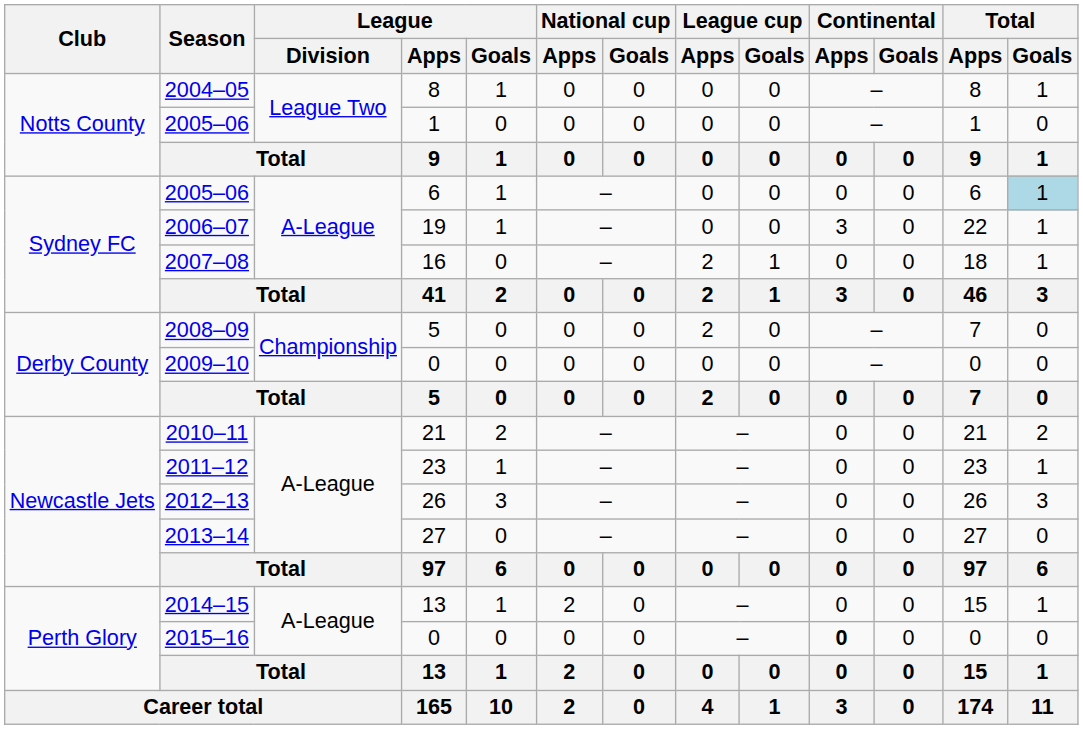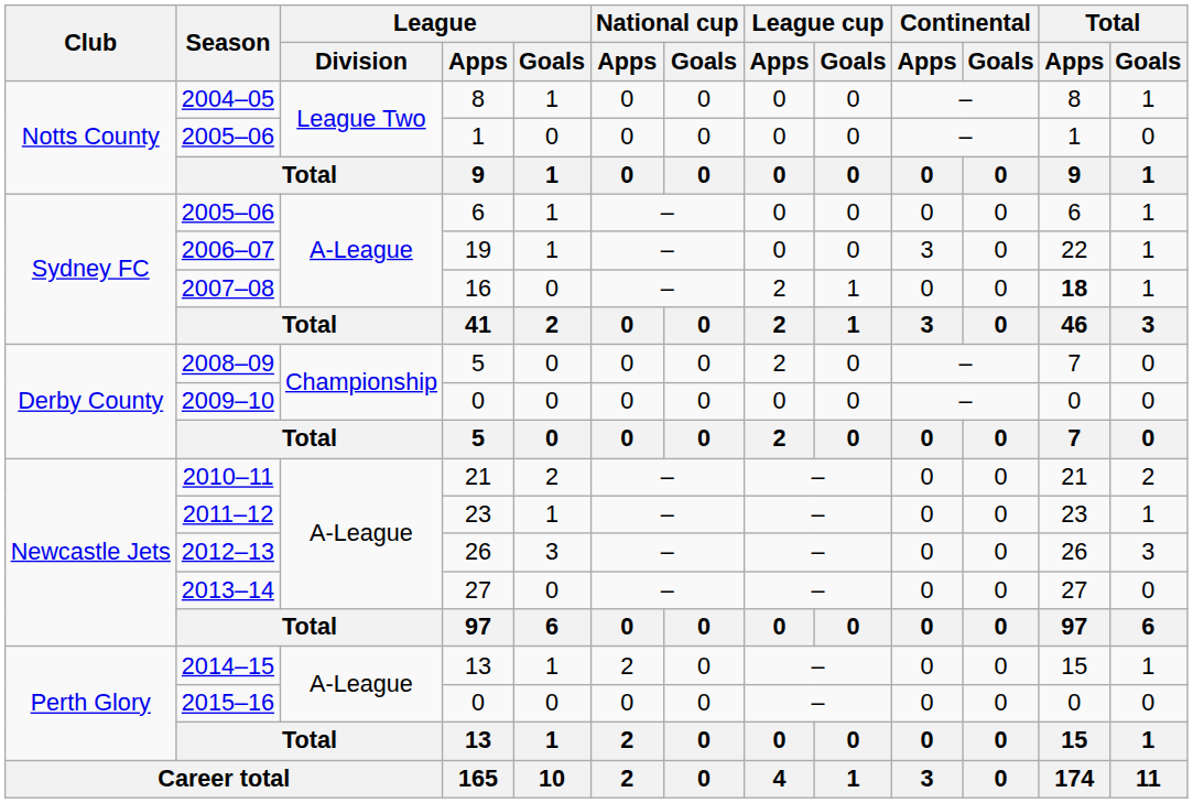 <table class="wikitable" style="text-align: center">
 <tr>
 <th rowspan="2">Club</th>
 <th rowspan="2">Season</th>
 <th colspan="3">League</th>
 <th colspan="2">National cup</th>
 <th colspan="2">League cup</th>
 <th colspan="2">Continental</th>
 <th colspan="2">Total</th>
 </tr>
 <tr>
 <th>Division</th>
 <th>Apps</th>
 <th>Goals</th>
 <th>Apps</th>
 <th>Goals</th>
 <th>Apps</th>
 <th>Goals</th>
 <th>Apps</th>
 <th>Goals</th>
 <th>Apps</th>
 <th>Goals</th>
 </tr>
 <tr>
 <td rowspan="3"><a href='#'>Notts County</a></td>
 <td><a href='#'>2004–05</a></td>
 <td rowspan="2"><a href='#'>League Two</a></td>
 <td>8</td>
 <td>1</td>
 <td>0</td>
 <td>0</td>
 <td>0</td>
 <td>0</td>
 <td colspan="2">–</td>
 <td>8</td>
 <td>1</td>
 </tr>
 <tr>
 <td><a href='#'>2005–06</a></td>
 <td>1</td>
 <td>0</td>
 <td>0</td>
 <td>0</td>
 <td>0</td>
 <td>0</td>
 <td colspan="2">–</td>
 <td>1</td>
 <td>0</td>
 </tr>
 <tr>
 <th colspan="2">Total</th>
 <th>9</th>
 <th>1</th>
 <th>0</th>
 <th>0</th>
 <th>0</th>
 <th>0</th>
 <th>0</th>
 <th>0</th>
 <th>9</th>
 <th>1</th>
 </tr>
 <tr>
 <td rowspan="4"><a href='#'>Sydney FC</a></td>
 <td><a href='#'>2005–06</a></td>
 <td rowspan="3"><a href='#'>A-League</a></td>
 <td>6</td>
 <td>1</td>
 <td colspan="2">–</td>
 <td>0</td>
 <td>0</td>
 <td>0</td>
 <td>0</td>
 <td>6</td>
-<td style="background: lightblue;">1</td>
+<td>1</td>
 </tr>
 <tr>
 <td><a href='#'>2006–07</a></td>
 <td>19</td>
 <td>1</td>
 <td colspan="2">–</td>
 <td>0</td>
 <td>0</td>
 <td>3</td>
 <td>0</td>
 <td>22</td>
 <td>1</td>
 </tr>
 <tr>
 <td><a href='#'>2007–08</a></td>
 <td>16</td>
 <td>0</td>
 <td colspan="2">–</td>
 <td>2</td>
 <td>1</td>
 <td>0</td>
 <td>0</td>
-<td>18</td>
+<td><strong>18</strong></td>
 <td>1</td>
 </tr>
 <tr>
 <th colspan="2">Total</th>
 <th>41</th>
 <th>2</th>
 <th>0</th>
 <th>0</th>
 <th>2</th>
 <th>1</th>
 <th>3</th>
 <th>0</th>
 <th>46</th>
 <th>3</th>
 </tr>
 <tr>
 <td rowspan="3"><a href='#'>Derby County</a></td>
 <td><a href='#'>2008–09</a></td>
 <td rowspan="2"><a href='#'>Championship</a></td>
 <td>5</td>
 <td>0</td>
 <td>0</td>
 <td>0</td>
 <td>2</td>
 <td>0</td>
 <td colspan="2">–</td>
 <td>7</td>
 <td>0</td>
 </tr>
 <tr>
 <td><a href='#'>2009–10</a></td>
 <td>0</td>
 <td>0</td>
 <td>0</td>
 <td>0</td>
 <td>0</td>
 <td>0</td>
 <td colspan="2">–</td>
 <td>0</td>
 <td>0</td>
 </tr>
 <tr>
 <th colspan="2">Total</th>
 <th>5</th>
 <th>0</th>
 <th>0</th>
 <th>0</th>
 <th>2</th>
 <th>0</th>
 <th>0</th>
 <th>0</th>
 <th>7</th>
 <th>0</th>
 </tr>
 <tr>
 <td rowspan="5"><a href='#'>Newcastle Jets</a></td>
 <td><a href='#'>2010–11</a></td>
 <td rowspan="4">A-League</td>
 <td>21</td>
 <td>2</td>
 <td colspan="2">–</td>
 <td colspan="2">–</td>
 <td>0</td>
 <td>0</td>
 <td>21</td>
 <td>2</td>
 </tr>
 <tr>
 <td><a href='#'>2011–12</a></td>
 <td>23</td>
 <td>1</td>
 <td colspan="2">–</td>
 <td colspan="2">–</td>
 <td>0</td>
 <td>0</td>
 <td>23</td>
 <td>1</td>
 </tr>
 <tr>
 <td><a href='#'>2012–13</a></td>
 <td>26</td>
 <td>3</td>
 <td colspan="2">–</td>
 <td colspan="2">–</td>
 <td>0</td>
 <td>0</td>
 <td>26</td>
 <td>3</td>
 </tr>
 <tr>
 <td><a href='#'>2013–14</a></td>
 <td>27</td>
 <td>0</td>
 <td colspan="2">–</td>
 <td colspan="2">–</td>
 <td>0</td>
 <td>0</td>
 <td>27</td>
 <td>0</td>
 </tr>
 <tr>
 <th colspan="2">Total</th>
 <th>97</th>
 <th>6</th>
 <th>0</th>
 <th>0</th>
 <th>0</th>
 <th>0</th>
 <th>0</th>
 <th>0</th>
 <th>97</th>
 <th>6</th>
 </tr>
 <tr>
 <td rowspan="3"><a href='#'>Perth Glory</a></td>
 <td><a href='#'>2014–15</a></td>
 <td rowspan="2">A-League</td>
 <td>13</td>
 <td>1</td>
 <td>2</td>
 <td>0</td>
 <td colspan="2">–</td>
 <td>0</td>
 <td>0</td>
 <td>15</td>
 <td>1</td>
 </tr>
 <tr>
 <td><a href='#'>2015–16</a></td>
 <td>0</td>
 <td>0</td>
 <td>0</td>
 <td>0</td>
 <td colspan="2">–</td>
-<td><strong>0</strong></td>
+<td>0</td>
 <td>0</td>
 <td>0</td>
 <td>0</td>
 </tr>
 <tr>
 <th colspan="2">Total</th>
 <th>13</th>
 <th>1</th>
 <th>2</th>
 <th>0</th>
 <th>0</th>
 <th>0</th>
 <th>0</th>
 <th>0</th>
 <th>15</th>
 <th>1</th>
 </tr>
 <tr>
 <th colspan="3">Career total</th>
 <th>165</th>
 <th>10</th>
 <th>2</th>
 <th>0</th>
 <th>4</th>
 <th>1</th>
 <th>3</th>
 <th>0</th>
 <th>174</th>
 <th>11</th>
 </tr>
 </table>
